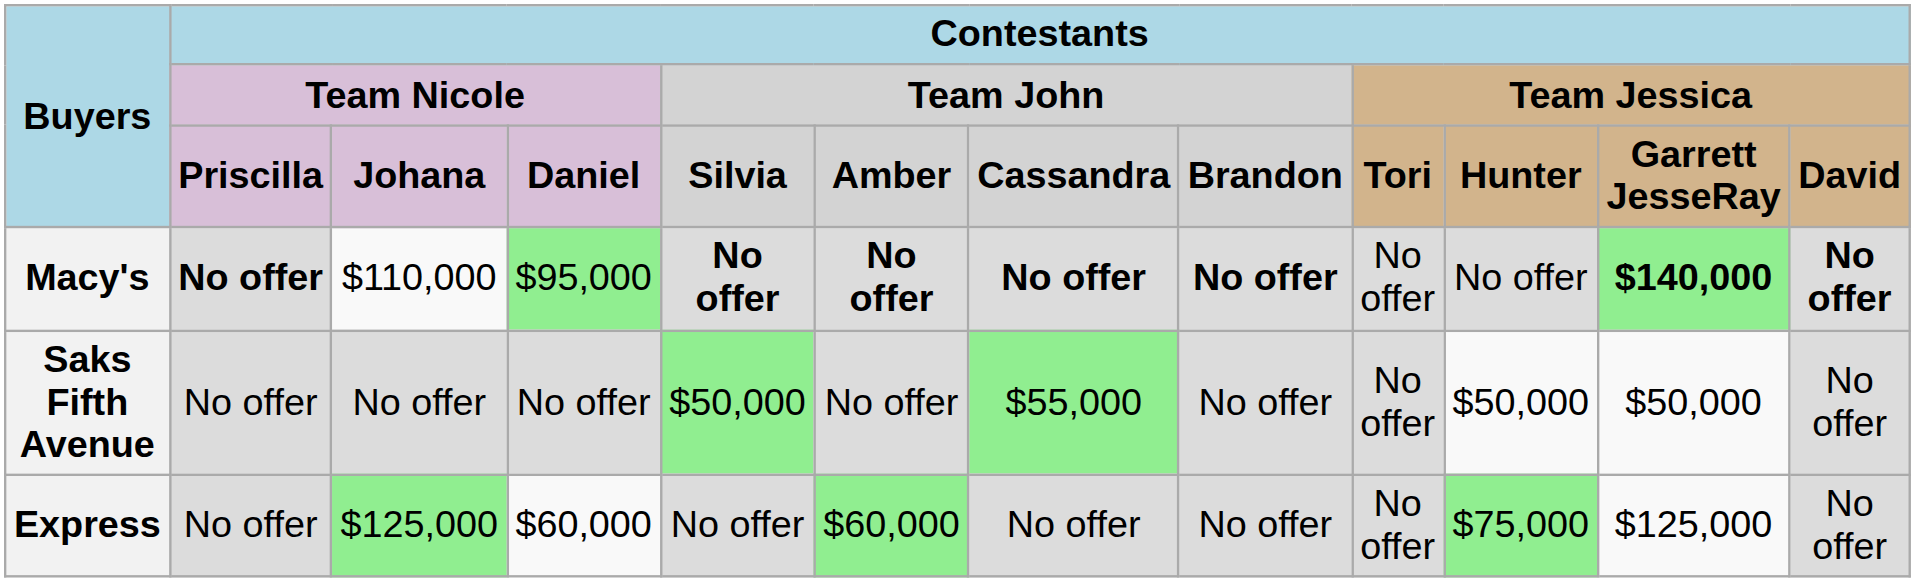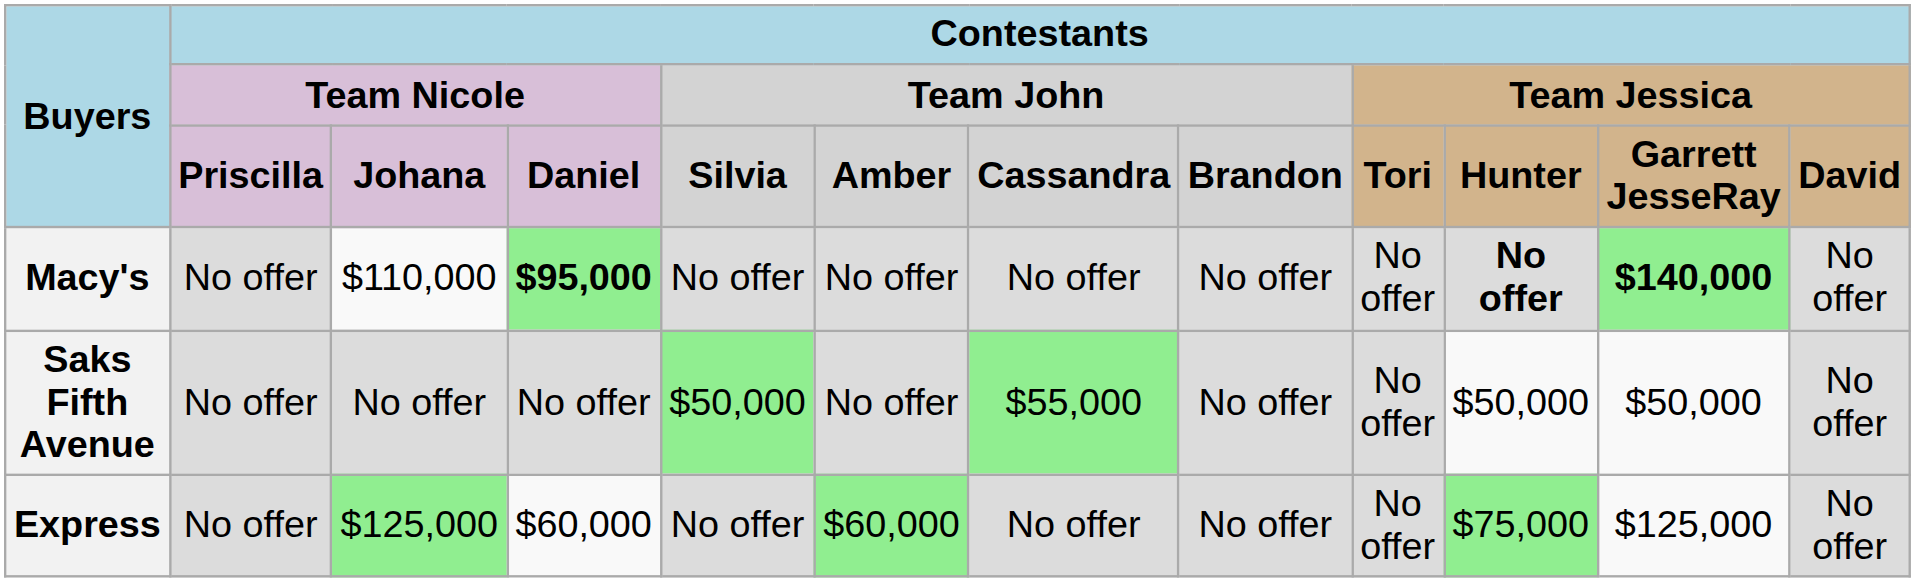 <table class="wikitable" style="text-align:center">
 <tr style="background:lightblue;">
 <td rowspan="3"><strong>Buyers</strong></td>
 <td colspan="12"><strong>Contestants</strong></td>
 </tr>
 <tr>
 <td bgcolor=Thistle colspan=3><strong>Team Nicole</strong></td>
 <td bgcolor=LightGray colspan=4><strong>Team John</strong></td>
 <td bgcolor=Tan colspan=4><strong>Team Jessica</strong></td>
 </tr>
 <tr>
 <td bgcolor=Thistle><strong>Priscilla</strong></td>
 <td bgcolor=Thistle><strong>Johana</strong></td>
 <td bgcolor=Thistle><strong>Daniel</strong></td>
 <td bgcolor=LightGray><strong>Silvia</strong></td>
 <td bgcolor=LightGray><strong>Amber</strong></td>
 <td bgcolor=LightGray><strong>Cassandra</strong></td>
 <td bgcolor=LightGray><strong>Brandon</strong></td>
 <td bgcolor=Tan><strong>Tori</strong></td>
 <td bgcolor=Tan><strong>Hunter</strong></td>
 <td bgcolor=Tan><strong>Garrett<br>JesseRay</strong></td>
 <td bgcolor=Tan><strong>David</strong></td>
 </tr>
 <tr>
 <th>Macy's</th>
-<td bgcolor=#DCDCDC><strong>No offer</strong></td>
+<td bgcolor=#DCDCDC>No offer</td>
 <td>$110,000</td>
-<td style="background:lightgreen;">$95,000</td>
-<td bgcolor=#DCDCDC><strong>No offer</strong></td>
-<td bgcolor=#DCDCDC><strong>No offer</strong></td>
-<td bgcolor=#DCDCDC><strong>No offer</strong></td>
-<td bgcolor=#DCDCDC><strong>No offer</strong></td>
+<td style="background:lightgreen;"><strong>$95,000</strong></td>
 <td bgcolor=#DCDCDC>No offer</td>
 <td bgcolor=#DCDCDC>No offer</td>
+<td bgcolor=#DCDCDC>No offer</td>
+<td bgcolor=#DCDCDC>No offer</td>
+<td bgcolor=#DCDCDC>No offer</td>
+<td bgcolor=#DCDCDC><strong>No offer</strong></td>
 <td style="background:lightgreen;"><strong>$140,000</strong></td>
-<td bgcolor=#DCDCDC><strong>No offer</strong></td>
+<td bgcolor=#DCDCDC>No offer</td>
 </tr>
 <tr>
 <th>Saks Fifth Avenue</th>
 <td bgcolor=#DCDCDC>No offer</td>
 <td bgcolor=#DCDCDC>No offer</td>
 <td bgcolor=#DCDCDC>No offer</td>
 <td style="background:lightgreen;">$50,000</td>
 <td bgcolor=#DCDCDC>No offer</td>
 <td style="background:lightgreen;">$55,000</td>
 <td bgcolor=#DCDCDC>No offer</td>
 <td bgcolor=#DCDCDC>No offer</td>
 <td>$50,000</td>
 <td>$50,000</td>
 <td bgcolor=#DCDCDC>No offer</td>
 </tr>
 <tr>
 <th>Express</th>
 <td bgcolor=#DCDCDC>No offer</td>
 <td style="background:lightgreen;">$125,000</td>
 <td>$60,000</td>
 <td bgcolor=#DCDCDC>No offer</td>
 <td style="background:lightgreen;">$60,000</td>
 <td bgcolor=#DCDCDC>No offer</td>
 <td bgcolor=#DCDCDC>No offer</td>
 <td bgcolor=#DCDCDC>No offer</td>
 <td style="background:lightgreen;">$75,000</td>
 <td>$125,000</td>
 <td bgcolor=#DCDCDC>No offer</td>
 </tr>
 </table>
